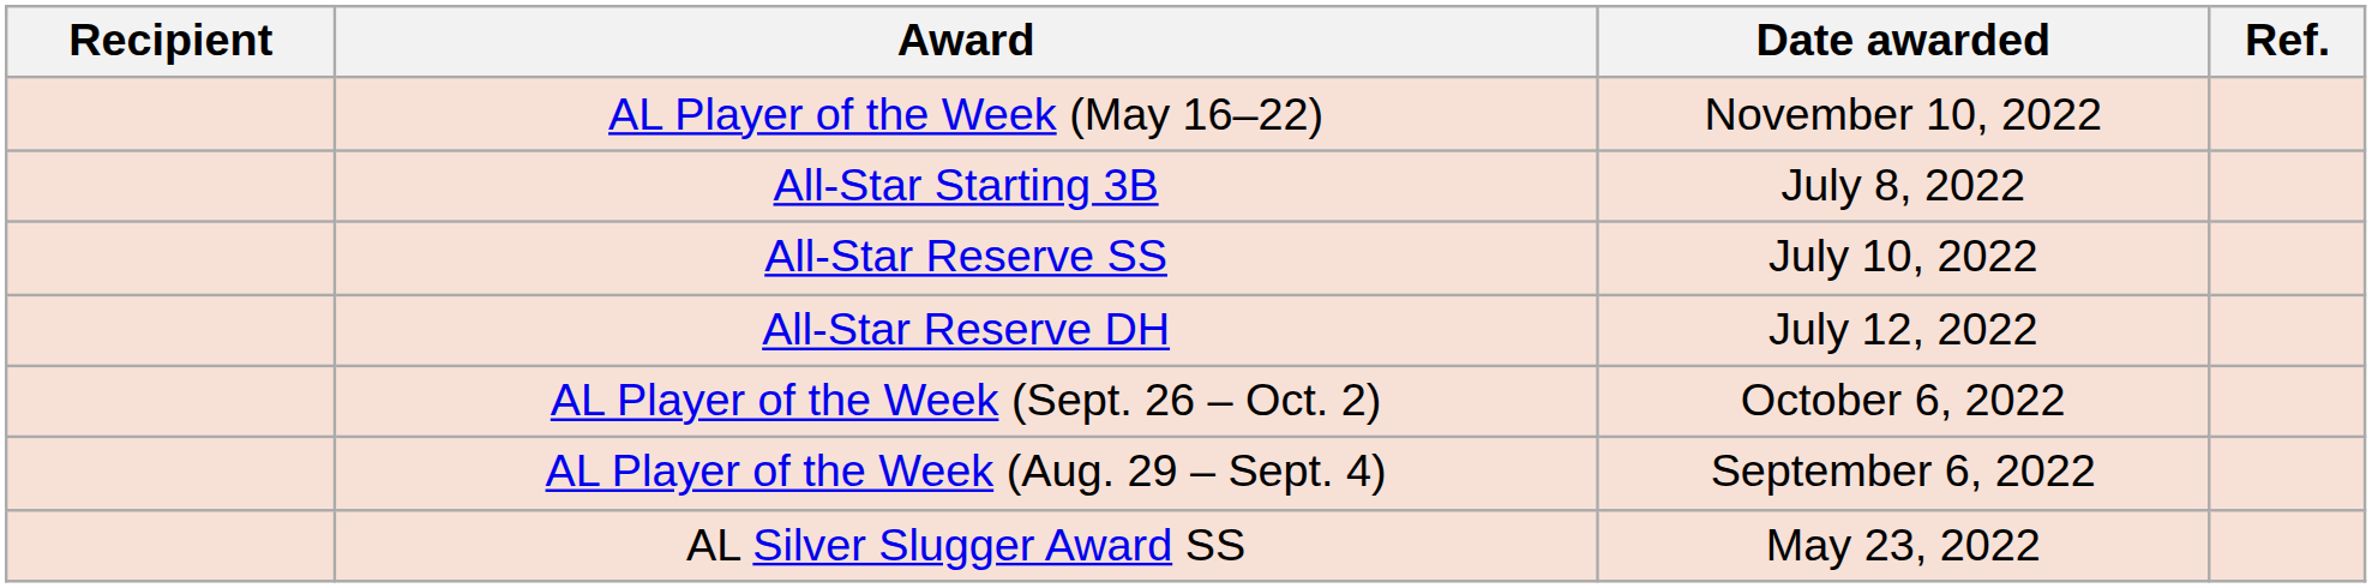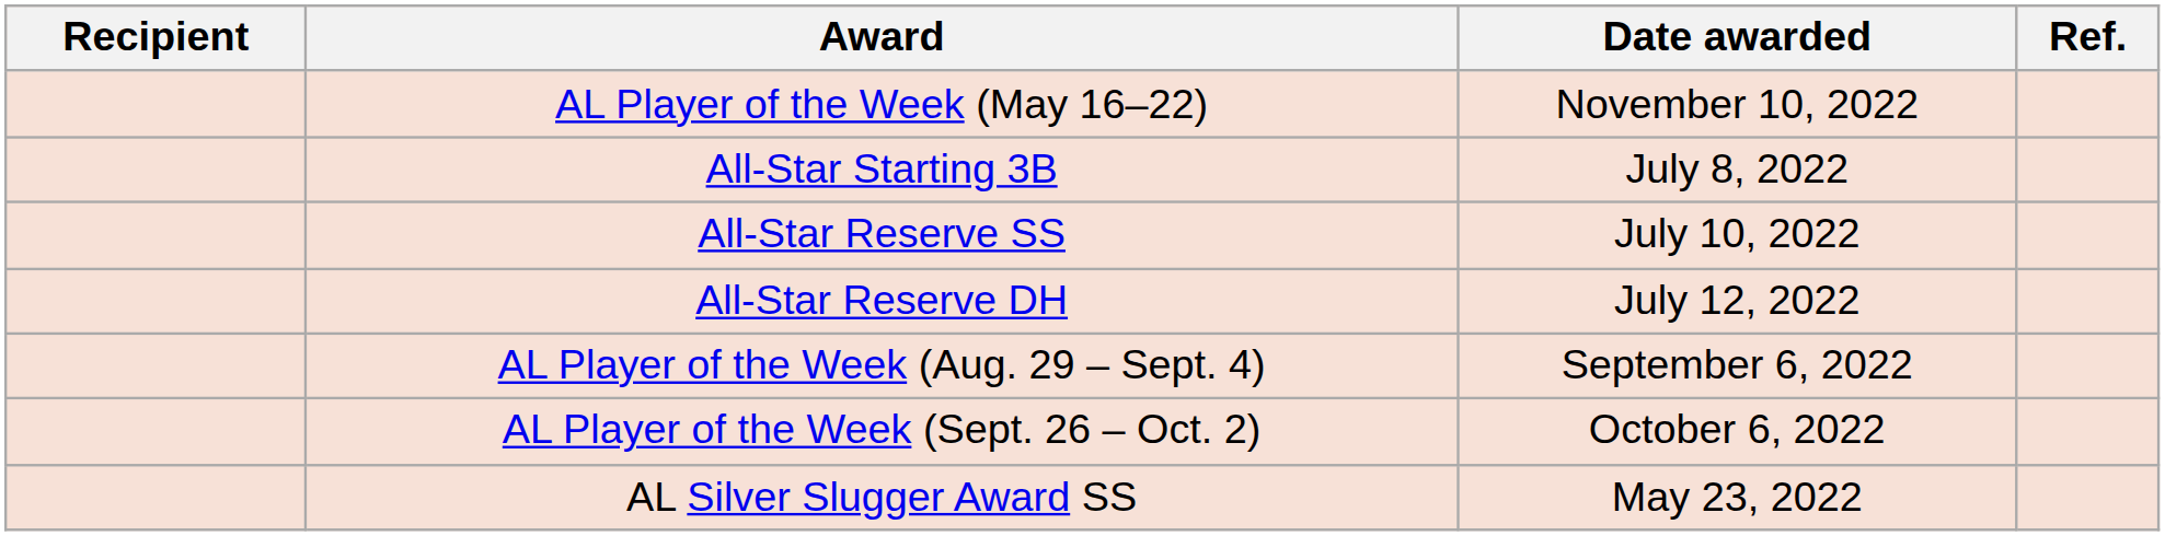 <table class="wikitable sortable" style="text-align:center; background:#f7e1d7; width: 66%;">
 <tr>
 <th>Recipient</th>
 <th>Award</th>
 <th>Date awarded</th>
 <th>Ref.</th>
 </tr>
 <tr>
 <td></td>
 <td><a href='#'>AL Player of the Week</a> (May 16–22)</td>
 <td>November 10, 2022</td>
 <td></td>
 </tr>
 <tr>
 <td></td>
 <td><a href='#'>All-Star Starting 3B</a></td>
 <td>July 8, 2022</td>
 <td></td>
 </tr>
 <tr>
 <td></td>
 <td><a href='#'>All-Star Reserve SS</a></td>
 <td>July 10, 2022</td>
 <td></td>
 </tr>
 <tr>
 <td></td>
 <td><a href='#'>All-Star Reserve DH</a></td>
 <td>July 12, 2022</td>
 <td></td>
 </tr>
 <tr>
 <td></td>
-<td><a href='#'>AL Player of the Week</a> (Sept. 26 – Oct. 2)</td>
-<td>October 6, 2022</td>
+<td><a href='#'>AL Player of the Week</a> (Aug. 29 – Sept. 4)</td>
+<td>September 6, 2022</td>
 <td></td>
 </tr>
 <tr>
 <td></td>
-<td><a href='#'>AL Player of the Week</a> (Aug. 29 – Sept. 4)</td>
-<td>September 6, 2022</td>
+<td><a href='#'>AL Player of the Week</a> (Sept. 26 – Oct. 2)</td>
+<td>October 6, 2022</td>
 <td></td>
 </tr>
 <tr>
 <td></td>
 <td>AL <a href='#'>Silver Slugger Award</a> SS</td>
 <td>May 23, 2022</td>
 <td></td>
 </tr>
 </table>
